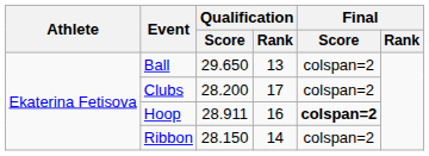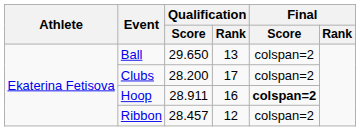 <table class=wikitable style=font-size:90%;text-align:center>
 <tr>
 <th rowspan=2>Athlete</th>
 <th rowspan=2>Event</th>
 <th colspan=2>Qualification</th>
 <th colspan=2>Final</th>
 </tr>
 <tr style=font-size:95%>
 <th>Score</th>
 <th>Rank</th>
 <th>Score</th>
 <th>Rank</th>
 </tr>
 <tr>
 <td align=left rowspan=4><a href='#'>Ekaterina Fetisova</a></td>
 <td align=left><a href='#'>Ball</a></td>
 <td>29.650</td>
 <td>13</td>
 <td>colspan=2 </td>
 </tr>
 <tr>
 <td align=left><a href='#'>Clubs</a></td>
 <td>28.200</td>
 <td>17</td>
 <td>colspan=2 </td>
 </tr>
 <tr>
 <td align=left><a href='#'>Hoop</a></td>
 <td>28.911</td>
 <td>16</td>
 <td><strong>colspan=2 </strong></td>
 </tr>
 <tr>
 <td align=left><a href='#'>Ribbon</a></td>
-<td>28.150</td>
-<td>14</td>
+<td>28.457</td>
+<td>12</td>
 <td>colspan=2 </td>
 </tr>
 </table>
